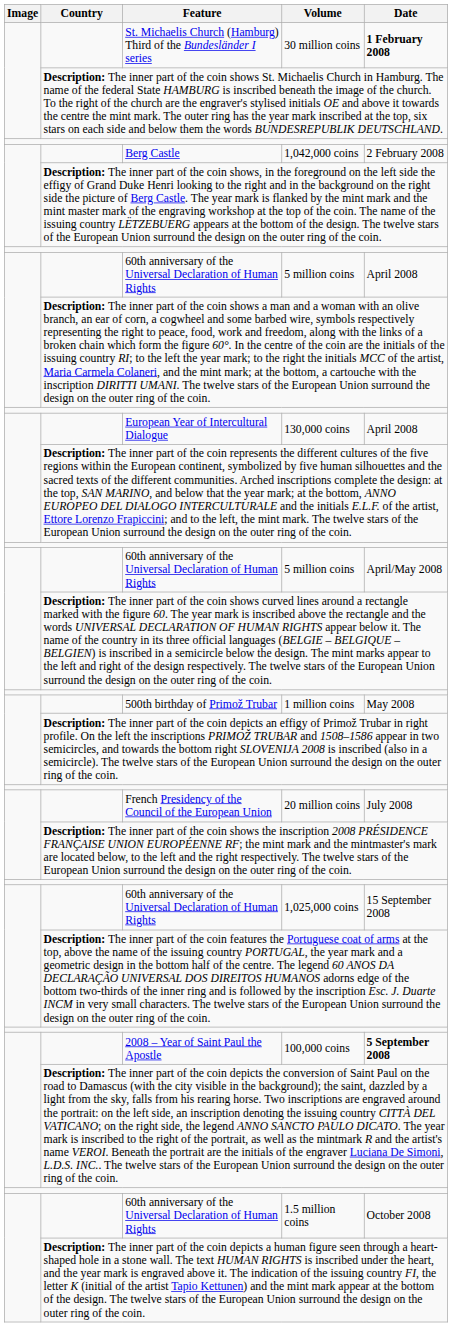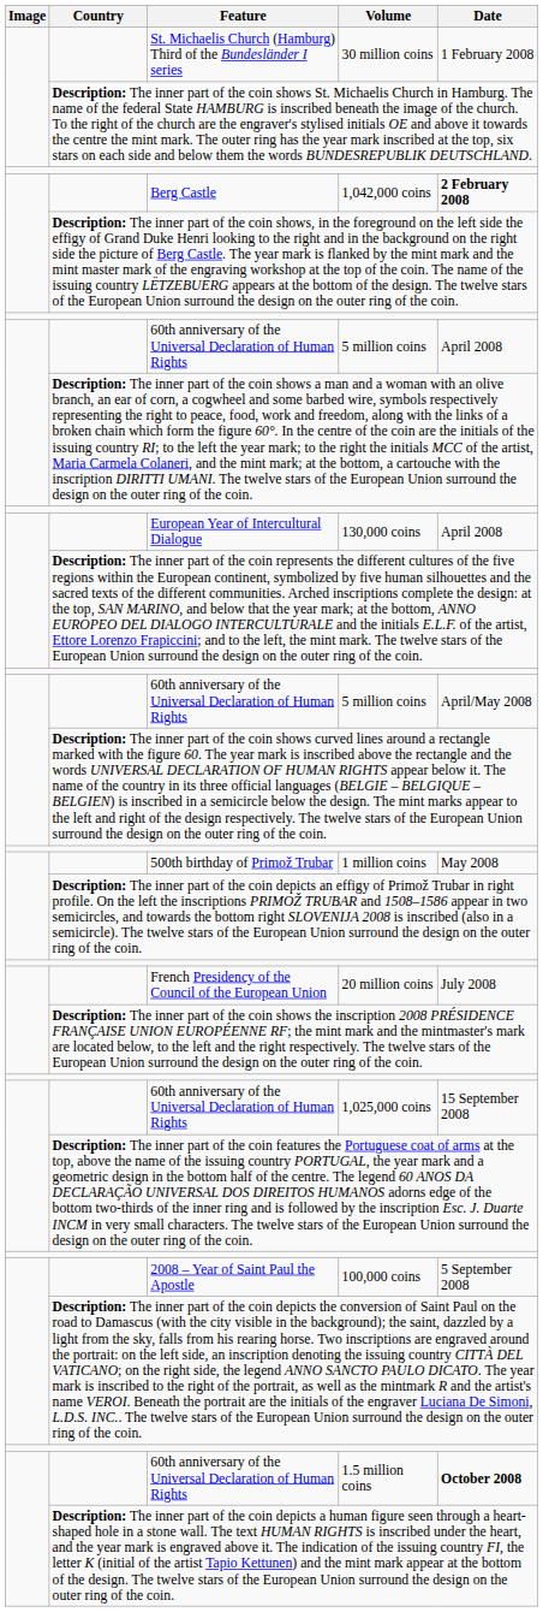 <table class="wikitable">
 <tr>
 <th>Image</th>
 <th>Country</th>
 <th>Feature</th>
 <th>Volume</th>
 <th>Date</th>
 </tr>
 <tr>
 <td style="width:160px;" rowspan="2"></td>
 <td style="width:20%;"></td>
 <td style="width:40%;"><a href='#'>St. Michaelis Church</a> (<a href='#'>Hamburg</a>)<br>Third of the <a href='#'><em>Bundesländer I</em> series</a></td>
 <td style="width:20%;">30 million coins</td>
-<td style="width:20%;"><strong>1 February 2008</strong></td>
+<td style="width:20%;">1 February 2008</td>
 </tr>
 <tr>
 <td colspan="5"><strong>Description:</strong> The inner part of the coin shows St. Michaelis Church in Hamburg. The name of the federal State <em>HAMBURG</em> is inscribed beneath the image of the church. To the right of the church are the engraver's stylised initials <em>OE</em> and above it towards the centre the mint mark. The outer ring has the year mark inscribed at the top, six stars on each side and below them the words <em>BUNDESREPUBLIK DEUTSCHLAND</em>.</td>
 </tr>
 <tr>
 <td colspan="5"></td>
 </tr>
 <tr>
 <td style="width:160px;" rowspan="2"></td>
 <td></td>
 <td><a href='#'>Berg Castle</a></td>
 <td>1,042,000 coins</td>
-<td>2 February 2008</td>
+<td><strong>2 February 2008</strong></td>
 </tr>
 <tr>
 <td colspan="5"><strong>Description:</strong> The inner part of the coin shows, in the foreground on the left side the effigy of Grand Duke Henri looking to the right and in the background on the right side the picture of <a href='#'>Berg Castle</a>. The year mark is flanked by the mint mark and the mint master mark of the engraving workshop at the top of the coin. The name of the issuing country <em>LËTZEBUERG</em> appears at the bottom of the design. The twelve stars of the European Union surround the design on the outer ring of the coin.</td>
 </tr>
 <tr>
 <td colspan="5"></td>
 </tr>
 <tr>
 <td style="width:160px;" rowspan="2"></td>
 <td></td>
 <td>60th anniversary of the <a href='#'>Universal Declaration of Human Rights</a></td>
 <td>5 million coins</td>
 <td>April 2008</td>
 </tr>
 <tr>
 <td colspan="5"><strong>Description:</strong> The inner part of the coin shows a man and a woman with an olive branch, an ear of corn, a cogwheel and some barbed wire, symbols respectively representing the right to peace, food, work and freedom, along with the links of a broken chain which form the figure <em>60°</em>. In the centre of the coin are the initials of the issuing country <em>RI</em>; to the left the year mark; to the right the initials <em>MCC</em> of the artist, <a href='#'>Maria Carmela Colaneri</a>, and the mint mark; at the bottom, a cartouche with the inscription <em>DIRITTI UMANI</em>. The twelve stars of the European Union surround the design on the outer ring of the coin.</td>
 </tr>
 <tr>
 <td colspan="5"></td>
 </tr>
 <tr>
 <td style="width:160px;" rowspan="2"></td>
 <td></td>
 <td><a href='#'>European Year of Intercultural Dialogue</a></td>
 <td>130,000 coins</td>
 <td>April 2008</td>
 </tr>
 <tr>
 <td colspan="5"><strong>Description:</strong> The inner part of the coin represents the different cultures of the five regions within the European continent, symbolized by five human silhouettes and the sacred texts of the different communities. Arched inscriptions complete the design: at the top, <em>SAN MARINO</em>, and below that the year mark; at the bottom, <em>ANNO EUROPEO DEL DIALOGO INTERCULTURALE</em> and the initials <em>E.L.F.</em> of the artist, <a href='#'>Ettore Lorenzo Frapiccini</a>; and to the left, the mint mark. The twelve stars of the European Union surround the design on the outer ring of the coin.</td>
 </tr>
 <tr>
 <td colspan="5"></td>
 </tr>
 <tr>
 <td style="width:160px;" rowspan="2"></td>
 <td style="width:20%;"></td>
 <td style="width:40%;">60th anniversary of the <a href='#'>Universal Declaration of Human Rights</a></td>
 <td style="width:20%;">5 million coins</td>
 <td style="width:20%;">April/May 2008</td>
 </tr>
 <tr>
 <td colspan="5"><strong>Description:</strong> The inner part of the coin shows curved lines around a rectangle marked with the figure <em>60</em>. The year mark is inscribed above the rectangle and the words <em>UNIVERSAL DECLARATION OF HUMAN RIGHTS</em> appear below it. The name of the country in its three official languages (<em>BELGIE – BELGIQUE – BELGIEN</em>) is inscribed in a semicircle below the design. The mint marks appear to the left and right of the design respectively. The twelve stars of the European Union surround the design on the outer ring of the coin.</td>
 </tr>
 <tr>
 <td colspan="5"></td>
 </tr>
 <tr>
 <td style="width:160px;" rowspan="2"></td>
 <td></td>
 <td>500th birthday of <a href='#'>Primož Trubar</a></td>
 <td>1 million coins</td>
 <td>May 2008</td>
 </tr>
 <tr>
 <td colspan="5"><strong>Description:</strong> The inner part of the coin depicts an effigy of Primož Trubar in right profile. On the left the inscriptions <em>PRIMOŽ TRUBAR</em> and <em>1508–1586</em> appear in two semicircles, and towards the bottom right <em>SLOVENIJA 2008</em> is inscribed (also in a semicircle). The twelve stars of the European Union surround the design on the outer ring of the coin.</td>
 </tr>
 <tr>
 <td colspan="5"></td>
 </tr>
 <tr>
 <td style="width:160px;" rowspan="2"></td>
 <td style="width:20%;"></td>
 <td style="width:40%;">French <a href='#'>Presidency of the Council of the European Union</a></td>
 <td style="width:20%;">20 million coins</td>
 <td style="width:20%;">July 2008</td>
 </tr>
 <tr>
 <td colspan="5"><strong>Description:</strong> The inner part of the coin shows the inscription <em>2008 PRÉSIDENCE FRANÇAISE UNION EUROPÉENNE RF</em>; the mint mark and the mintmaster's mark are located below, to the left and the right respectively. The twelve stars of the European Union surround the design on the outer ring of the coin.</td>
 </tr>
 <tr>
 <td colspan="5"></td>
 </tr>
 <tr>
 <td style="width:160px;" rowspan="2"></td>
 <td></td>
 <td>60th anniversary of the <a href='#'>Universal Declaration of Human Rights</a></td>
 <td>1,025,000 coins</td>
 <td>15 September 2008</td>
 </tr>
 <tr>
 <td colspan="5"><strong>Description:</strong> The inner part of the coin features the <a href='#'>Portuguese coat of arms</a> at the top, above the name of the issuing country <em>PORTUGAL</em>, the year mark and a geometric design in the bottom half of the centre. The legend <em>60 ANOS DA DECLARAÇÃO UNIVERSAL DOS DIREITOS HUMANOS</em> adorns edge of the bottom two-thirds of the inner ring and is followed by the inscription <em>Esc. J. Duarte INCM</em> in very small characters. The twelve stars of the European Union surround the design on the outer ring of the coin.</td>
 </tr>
 <tr>
 <td colspan="5"></td>
 </tr>
 <tr>
 <td style="width:160px;" rowspan="2"></td>
 <td></td>
 <td><a href='#'>2008 – Year of Saint Paul the Apostle</a></td>
 <td>100,000 coins</td>
-<td><strong>5 September 2008</strong></td>
+<td>5 September 2008</td>
 </tr>
 <tr>
 <td colspan="5"><strong>Description:</strong> The inner part of the coin depicts the conversion of Saint Paul on the road to Damascus (with the city visible in the background); the saint, dazzled by a light from the sky, falls from his rearing horse. Two inscriptions are engraved around the portrait: on the left side, an inscription denoting the issuing country <em>CITTÀ DEL VATICANO</em>; on the right side, the legend <em>ANNO SANCTO PAULO DICATO</em>. The year mark is inscribed to the right of the portrait, as well as the mintmark <em>R</em> and the artist's name <em>VEROI</em>. Beneath the portrait are the initials of the engraver <a href='#'>Luciana De Simoni</a>, <em>L.D.S. INC.</em>. The twelve stars of the European Union surround the design on the outer ring of the coin.</td>
 </tr>
 <tr>
 <td colspan="5"></td>
 </tr>
 <tr>
 <td style="width:160px;" rowspan="2"></td>
 <td></td>
 <td>60th anniversary of the <a href='#'>Universal Declaration of Human Rights</a></td>
 <td>1.5 million coins</td>
-<td>October 2008</td>
+<td><strong>October 2008</strong></td>
 </tr>
 <tr>
 <td colspan="5"><strong>Description:</strong> The inner part of the coin depicts a human figure seen through a heart-shaped hole in a stone wall. The text <em>HUMAN RIGHTS</em> is inscribed under the heart, and the year mark is engraved above it. The indication of the issuing country <em>FI</em>, the letter <em>K</em> (initial of the artist <a href='#'>Tapio Kettunen</a>) and the mint mark appear at the bottom of the design. The twelve stars of the European Union surround the design on the outer ring of the coin.</td>
 </tr>
 </table>
